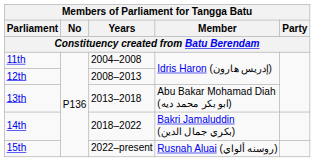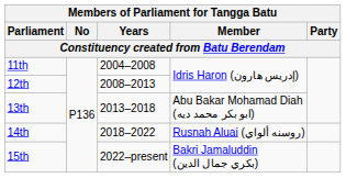 <table class=wikitable>
 <tr>
 <th colspan="5">Members of Parliament for Tangga Batu</th>
 </tr>
 <tr>
 <th>Parliament</th>
 <th>No</th>
 <th>Years</th>
 <th>Member</th>
 <th>Party</th>
 </tr>
 <tr>
 <th colspan="5" align="center"><em>Constituency created from <a href='#'>Batu Berendam</a></em></th>
 </tr>
 <tr>
 <td><a href='#'>11th</a></td>
 <td rowspan="5">P136</td>
 <td>2004–2008</td>
 <td rowspan=2><a href='#'>Idris Haron</a> (إدريس هارون‎)</td>
 <td rowspan=3></td>
 </tr>
 <tr>
 <td><a href='#'>12th</a></td>
 <td>2008–2013</td>
 </tr>
 <tr>
 <td><a href='#'>13th</a></td>
 <td>2013–2018</td>
 <td>Abu Bakar Mohamad Diah <br> (ابو بكر محمد ديه)</td>
 </tr>
 <tr>
 <td><a href='#'>14th</a></td>
 <td>2018–2022</td>
-<td><a href='#'>Bakri Jamaluddin</a> <br> (بكري جمال الدين)</td>
+<td><a href='#'>Rusnah Aluai</a> (روسنه ألواي)</td>
 <td></td>
 </tr>
 <tr>
 <td><a href='#'>15th</a></td>
 <td>2022–present</td>
-<td><a href='#'>Rusnah Aluai</a> (روسنه ألواي)</td>
+<td><a href='#'>Bakri Jamaluddin</a> <br> (بكري جمال الدين)</td>
 <td></td>
 </tr>
 </table>
